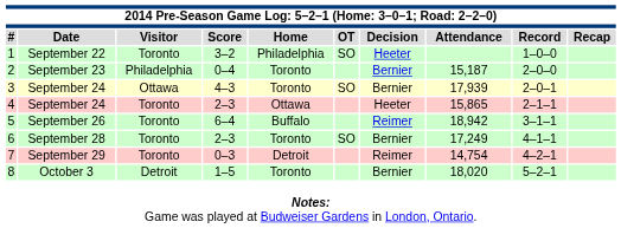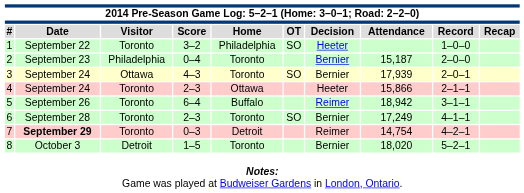 <table class="toccolours collapsible collapsed" style="width:90%; clear:both; margin:1.5em auto; text-align:center;">
 <tr>
 <th colspan=10 style="background:#fff; border-top:#003777 5px solid; border-bottom:#003777 5px solid;">2014 Pre-Season Game Log: 5–2–1 (Home: 3–0–1; Road: 2–2–0)</th>
 </tr>
 <tr style="text-align:center; background:#ddd;">
 <th>#</th>
 <th>Date</th>
 <th>Visitor</th>
 <th>Score</th>
 <th>Home</th>
 <th>OT</th>
 <th>Decision</th>
 <th>Attendance</th>
 <th>Record</th>
 <th>Recap</th>
 </tr>
 <tr style="text-align:center; background:#cfc;">
 <td>1</td>
 <td>September 22</td>
 <td>Toronto</td>
 <td>3–2</td>
 <td>Philadelphia</td>
 <td>SO</td>
 <td><a href='#'>Heeter</a></td>
 <td></td>
 <td>1–0–0</td>
 <td></td>
 </tr>
 <tr style="text-align:center; background:#cfc;">
 <td>2</td>
 <td>September 23</td>
 <td>Philadelphia</td>
 <td>0–4</td>
 <td>Toronto</td>
 <td></td>
 <td><a href='#'>Bernier</a></td>
 <td>15,187</td>
 <td>2–0–0</td>
 <td></td>
 </tr>
 <tr style="text-align:center; background:#ffc;">
 <td>3</td>
 <td>September 24</td>
 <td>Ottawa</td>
 <td>4–3</td>
 <td>Toronto</td>
 <td>SO</td>
 <td>Bernier</td>
 <td>17,939</td>
 <td>2–0–1</td>
 <td></td>
 </tr>
 <tr style="text-align:center; background:#fcc;">
 <td>4</td>
 <td>September 24</td>
 <td>Toronto</td>
 <td>2–3</td>
 <td>Ottawa</td>
 <td></td>
 <td>Heeter</td>
-<td>15,865</td>
+<td>15,866</td>
 <td>2–1–1</td>
 <td></td>
 </tr>
 <tr style="text-align:center; background:#cfc;">
 <td>5</td>
 <td>September 26</td>
 <td>Toronto</td>
 <td>6–4</td>
 <td>Buffalo</td>
 <td></td>
 <td><a href='#'>Reimer</a></td>
 <td>18,942</td>
 <td>3–1–1</td>
 <td></td>
 </tr>
 <tr style="text-align:center; background:#cfc;">
 <td>6</td>
 <td>September 28</td>
 <td>Toronto</td>
 <td>2–3</td>
 <td>Toronto</td>
 <td>SO</td>
 <td>Bernier</td>
 <td>17,249</td>
 <td>4–1–1</td>
 <td></td>
 </tr>
 <tr style="text-align:center; background:#fcc;">
 <td>7</td>
-<td>September 29</td>
+<td><strong>September 29</strong></td>
 <td>Toronto</td>
 <td>0–3</td>
 <td>Detroit</td>
 <td></td>
 <td>Reimer</td>
 <td>14,754</td>
 <td>4–2–1</td>
 <td></td>
 </tr>
 <tr style="text-align:center; background:#cfc;">
 <td>8</td>
 <td>October 3</td>
 <td>Detroit</td>
 <td>1–5</td>
 <td>Toronto</td>
 <td></td>
 <td>Bernier</td>
 <td>18,020</td>
 <td>5–2–1</td>
 <td></td>
 </tr>
 <tr>
 <td colspan="10" style="text-align:center;"><br><strong><em>Notes:</em></strong><br> Game was played at <a href='#'>Budweiser Gardens</a> in <a href='#'>London, Ontario</a>.</td>
 </tr>
 </table>
